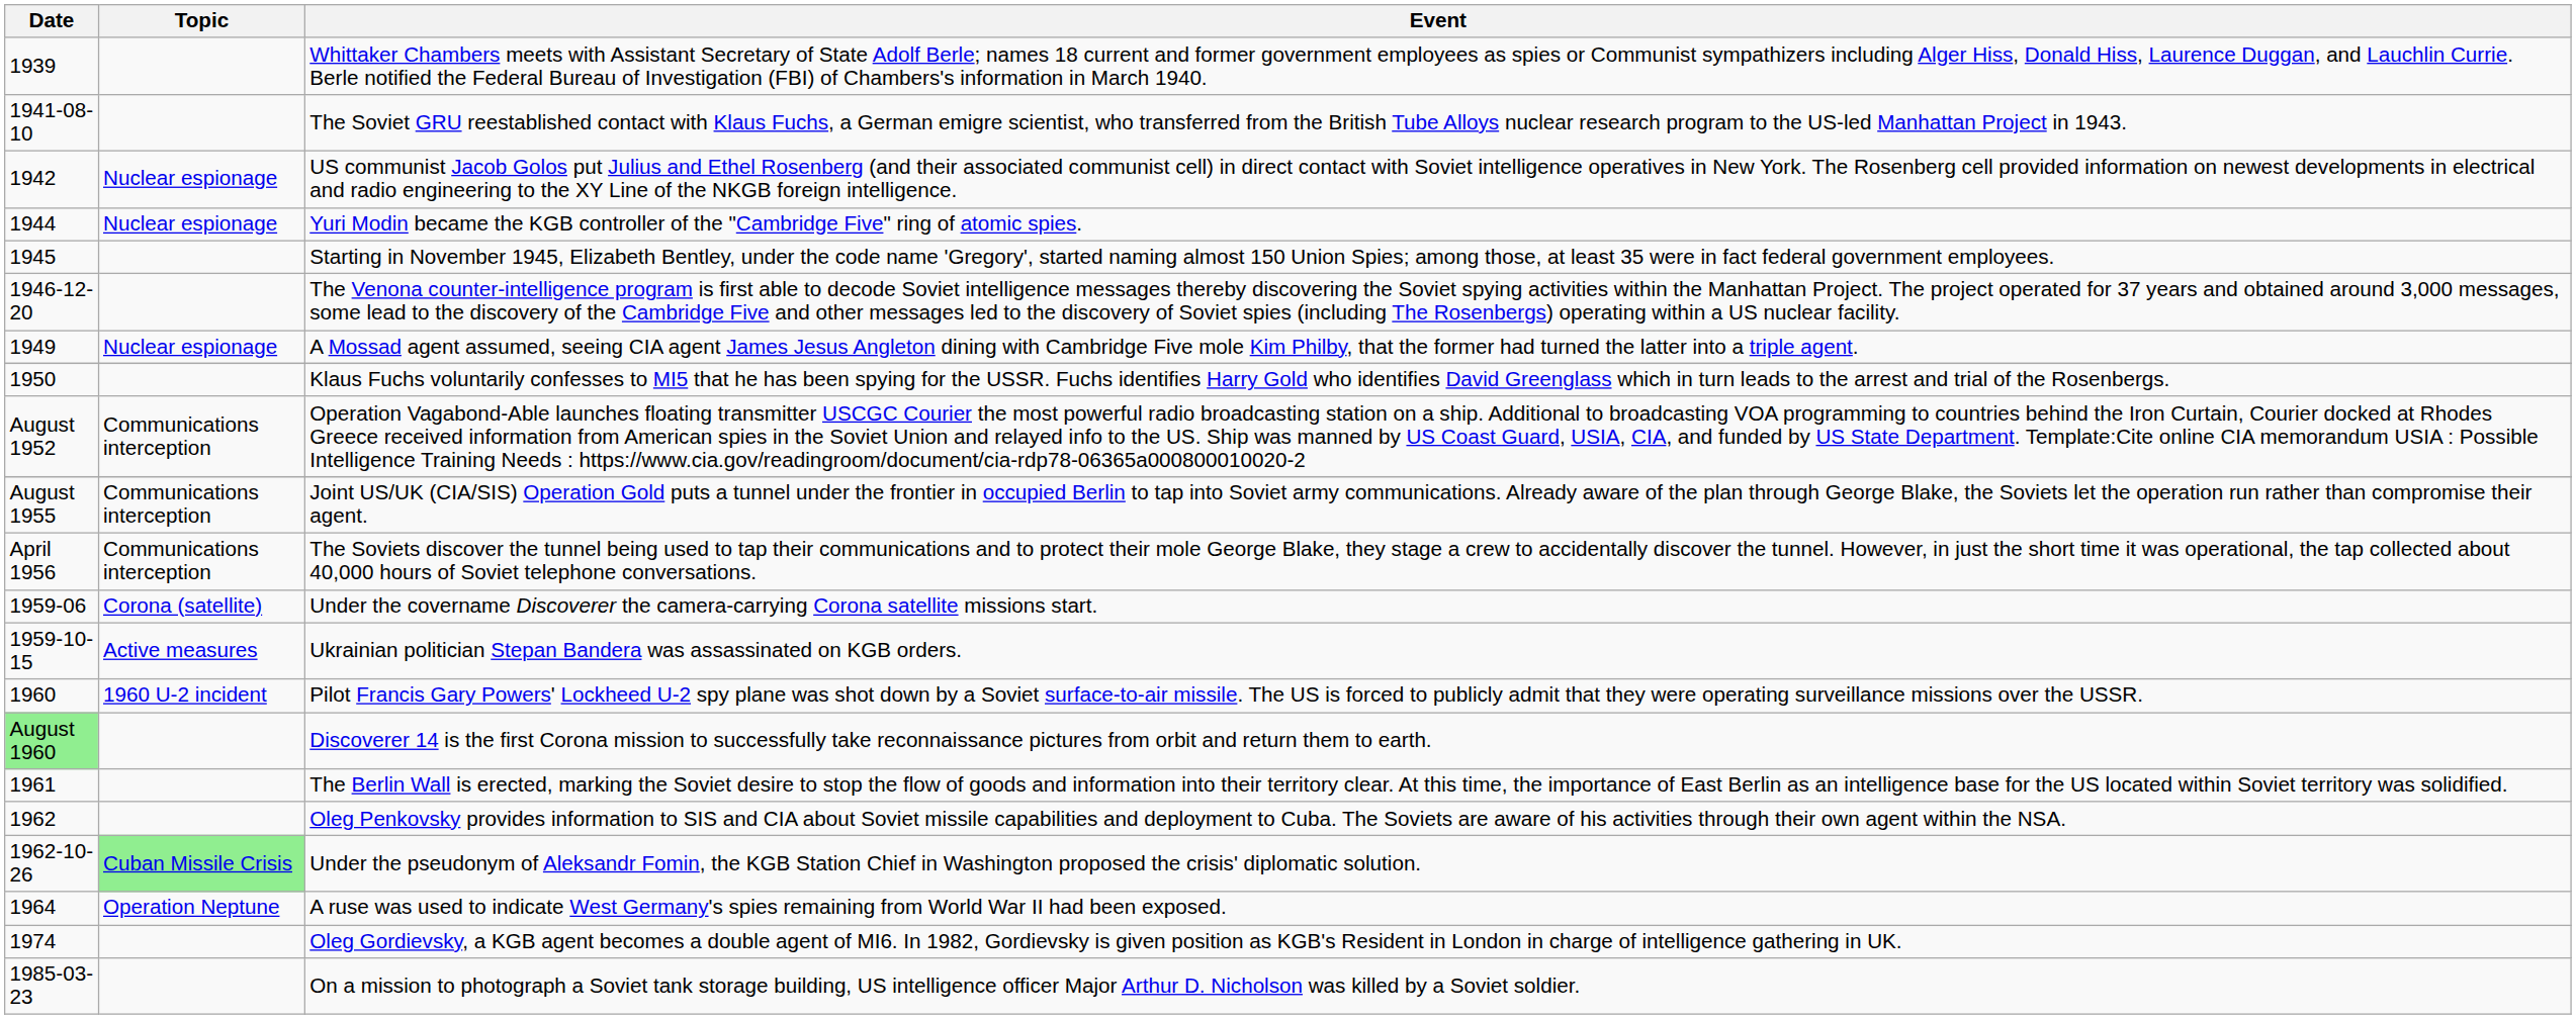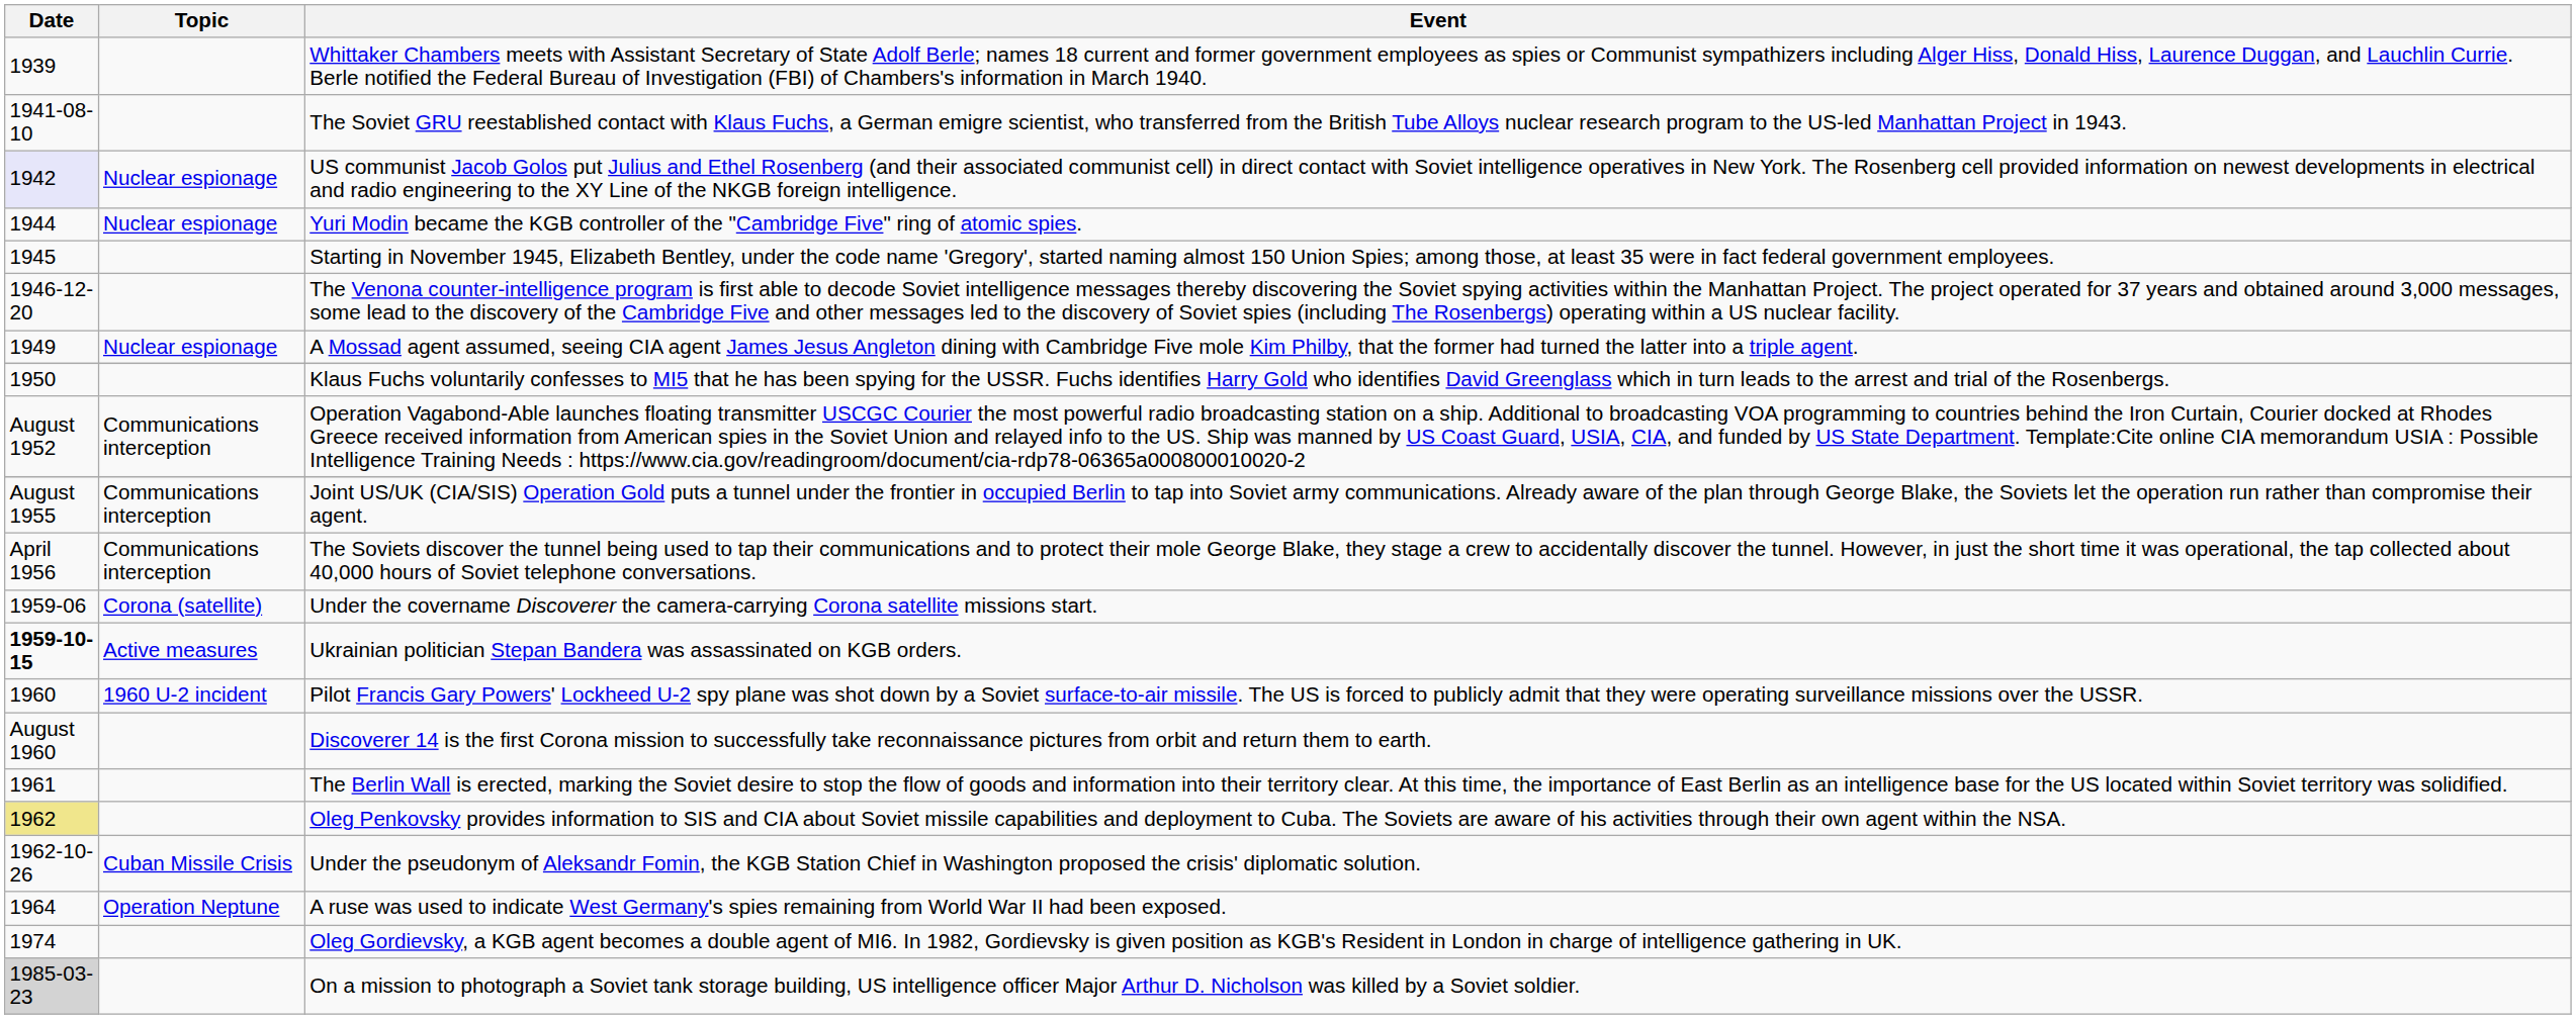 <table class="wikitable sortable">
 <tr>
 <th>Date</th>
 <th>Topic</th>
 <th>Event</th>
 </tr>
 <tr>
 <td>1939</td>
 <td></td>
 <td> <a href='#'>Whittaker Chambers</a> meets with Assistant Secretary of State <a href='#'>Adolf Berle</a>; names 18 current and former government employees as spies or Communist sympathizers including <a href='#'>Alger Hiss</a>, <a href='#'>Donald Hiss</a>, <a href='#'>Laurence Duggan</a>, and <a href='#'>Lauchlin Currie</a>.  Berle notified the Federal Bureau of Investigation (FBI) of Chambers's information in March 1940.</td>
 </tr>
 <tr>
 <td>1941-08-10</td>
 <td></td>
 <td> The Soviet <a href='#'>GRU</a> reestablished contact with <a href='#'>Klaus Fuchs</a>, a German emigre scientist, who transferred from the British <a href='#'>Tube Alloys</a> nuclear research program to the US-led <a href='#'>Manhattan Project</a> in 1943.</td>
 </tr>
 <tr>
-<td>1942</td>
+<td style="background: lavender;">1942</td>
 <td><a href='#'>Nuclear espionage</a></td>
 <td> US communist <a href='#'>Jacob Golos</a> put <a href='#'>Julius and Ethel Rosenberg</a> (and their associated communist cell) in direct contact with Soviet intelligence operatives in New York. The Rosenberg cell provided information on newest developments in electrical and radio engineering to the XY Line of the NKGB foreign intelligence.</td>
 </tr>
 <tr>
 <td>1944</td>
 <td><a href='#'>Nuclear espionage</a></td>
 <td> <a href='#'>Yuri Modin</a> became the KGB controller of the "<a href='#'>Cambridge Five</a>" ring of <a href='#'>atomic spies</a>.</td>
 </tr>
 <tr>
 <td>1945</td>
 <td></td>
 <td> Starting in November 1945, Elizabeth Bentley, under the code name 'Gregory', started naming almost 150 Union Spies; among those, at least 35 were in fact federal government employees.</td>
 </tr>
 <tr>
 <td>1946-12-20</td>
 <td></td>
 <td> The <a href='#'>Venona counter-intelligence program</a> is first able to decode Soviet intelligence messages thereby discovering the Soviet spying activities within the Manhattan Project. The project operated for 37 years and obtained around 3,000 messages, some lead to the discovery of the <a href='#'>Cambridge Five</a> and other messages led to the discovery of Soviet spies (including <a href='#'>The Rosenbergs</a>) operating within a US nuclear facility. </td>
 </tr>
 <tr>
 <td>1949</td>
 <td><a href='#'>Nuclear espionage</a></td>
 <td> A <a href='#'>Mossad</a> agent assumed, seeing CIA agent <a href='#'>James Jesus Angleton</a> dining with Cambridge Five mole <a href='#'>Kim Philby</a>, that the former had turned the latter into a <a href='#'>triple agent</a>.</td>
 </tr>
 <tr>
 </tr>
 <tr>
 <td>1950</td>
 <td></td>
 <td>Klaus Fuchs voluntarily confesses to <a href='#'>MI5</a> that he has been spying for the USSR. Fuchs identifies <a href='#'>Harry Gold</a> who identifies <a href='#'>David Greenglass</a> which in turn leads to the arrest and trial of the Rosenbergs.</td>
 </tr>
 <tr>
 <td>August 1952</td>
 <td>Communications interception</td>
 <td>Operation Vagabond-Able launches floating transmitter <a href='#'>USCGC Courier</a> the most powerful radio broadcasting station on a ship. Additional to broadcasting VOA programming to countries behind the Iron Curtain, Courier docked at Rhodes Greece received information from American spies in the Soviet Union and relayed info to the US. Ship was manned by <a href='#'>US Coast Guard</a>, <a href='#'>USIA</a>, <a href='#'>CIA</a>, and funded by <a href='#'>US State Department</a>.  Template:Cite online CIA memorandum USIA : Possible Intelligence Training Needs : https://www.cia.gov/readingroom/document/cia-rdp78-06365a000800010020-2</td>
 </tr>
 <tr>
 </tr>
 <tr>
 <td>August 1955</td>
 <td>Communications interception</td>
 <td>Joint US/UK (CIA/SIS) <a href='#'>Operation Gold</a> puts a tunnel under the frontier in <a href='#'>occupied Berlin</a> to tap into Soviet army communications. Already aware of the plan through George Blake, the Soviets let the operation run rather than compromise their agent.</td>
 </tr>
 <tr>
 <td>April 1956</td>
 <td>Communications interception</td>
 <td>The Soviets discover the tunnel being used to tap their communications and to protect their mole George Blake, they stage a crew to accidentally discover the tunnel. However, in just the short time it was operational, the tap collected about 40,000 hours of Soviet telephone conversations.</td>
 </tr>
 <tr>
 <td>1959-06</td>
 <td><a href='#'>Corona (satellite)</a></td>
 <td> Under the covername <em>Discoverer</em> the camera-carrying <a href='#'>Corona satellite</a> missions start.</td>
 </tr>
 <tr>
-<td>1959-10-15</td>
+<td><strong>1959-10-15</strong></td>
 <td><a href='#'>Active measures</a></td>
 <td> Ukrainian politician <a href='#'>Stepan Bandera</a> was assassinated on KGB orders.</td>
 </tr>
 <tr>
 <td>1960</td>
 <td><a href='#'>1960 U-2 incident</a></td>
 <td> Pilot <a href='#'>Francis Gary Powers</a>' <a href='#'>Lockheed U-2</a> spy plane was shot down by a Soviet <a href='#'>surface-to-air missile</a>. The US is forced to publicly admit that they were operating surveillance missions over the USSR.</td>
 </tr>
 <tr>
-<td style="background: lightgreen;">August 1960</td>
+<td>August 1960</td>
 <td></td>
 <td><a href='#'>Discoverer 14</a> is the first Corona mission to successfully take reconnaissance pictures from orbit and return them to earth.</td>
 </tr>
 <tr>
 <td>1961</td>
 <td></td>
 <td>The <a href='#'>Berlin Wall</a> is erected, marking the Soviet desire to stop the flow of goods and information into their territory clear. At this time, the importance of East Berlin as an intelligence base for the US located within Soviet territory was solidified. </td>
 </tr>
 <tr>
-<td>1962</td>
+<td style="background: khaki;">1962</td>
 <td></td>
 <td><a href='#'>Oleg Penkovsky</a> provides information to SIS and CIA about Soviet missile capabilities and deployment to Cuba. The Soviets are aware of his activities through their own agent within the NSA.</td>
 </tr>
 <tr>
 <td>1962-10-26</td>
-<td style="background: lightgreen;"><a href='#'>Cuban Missile Crisis</a></td>
+<td><a href='#'>Cuban Missile Crisis</a></td>
 <td> Under the pseudonym of <a href='#'>Aleksandr Fomin</a>, the KGB Station Chief in Washington proposed the crisis' diplomatic solution.</td>
 </tr>
 <tr>
 <td>1964</td>
 <td><a href='#'>Operation Neptune</a></td>
 <td> A ruse was used to indicate <a href='#'>West Germany</a>'s spies remaining from World War II had been exposed.</td>
 </tr>
 <tr>
 <td>1974</td>
 <td></td>
 <td><a href='#'>Oleg Gordievsky</a>, a KGB agent becomes a double agent of MI6. In 1982, Gordievsky is given position as KGB's Resident in London in charge of intelligence gathering in UK.</td>
 </tr>
 <tr>
-<td>1985-03-23</td>
+<td style="background: lightgrey;">1985-03-23</td>
 <td></td>
 <td> On a mission to photograph a Soviet tank storage building, US intelligence officer Major <a href='#'>Arthur D. Nicholson</a> was killed by a Soviet soldier.</td>
 </tr>
 </table>
